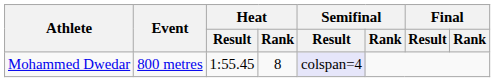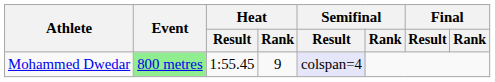 <table class="wikitable" style="font-size:90%">
 <tr>
 <th rowspan="2">Athlete</th>
 <th rowspan="2">Event</th>
 <th colspan="2">Heat</th>
 <th colspan="2">Semifinal</th>
 <th colspan="2">Final</th>
 </tr>
 <tr style="font-size:95%">
 <th>Result</th>
 <th>Rank</th>
 <th>Result</th>
 <th>Rank</th>
 <th>Result</th>
 <th>Rank</th>
 </tr>
 <tr align=center>
 <td align=left><a href='#'>Mohammed Dwedar</a></td>
-<td align=left><a href='#'>800 metres</a></td>
+<td align=left style="background: lightgreen;"><a href='#'>800 metres</a></td>
 <td>1:55.45 </td>
-<td>8</td>
+<td>9</td>
 <td style="background: lavender;">colspan=4 </td>
 </tr>
 </table>
